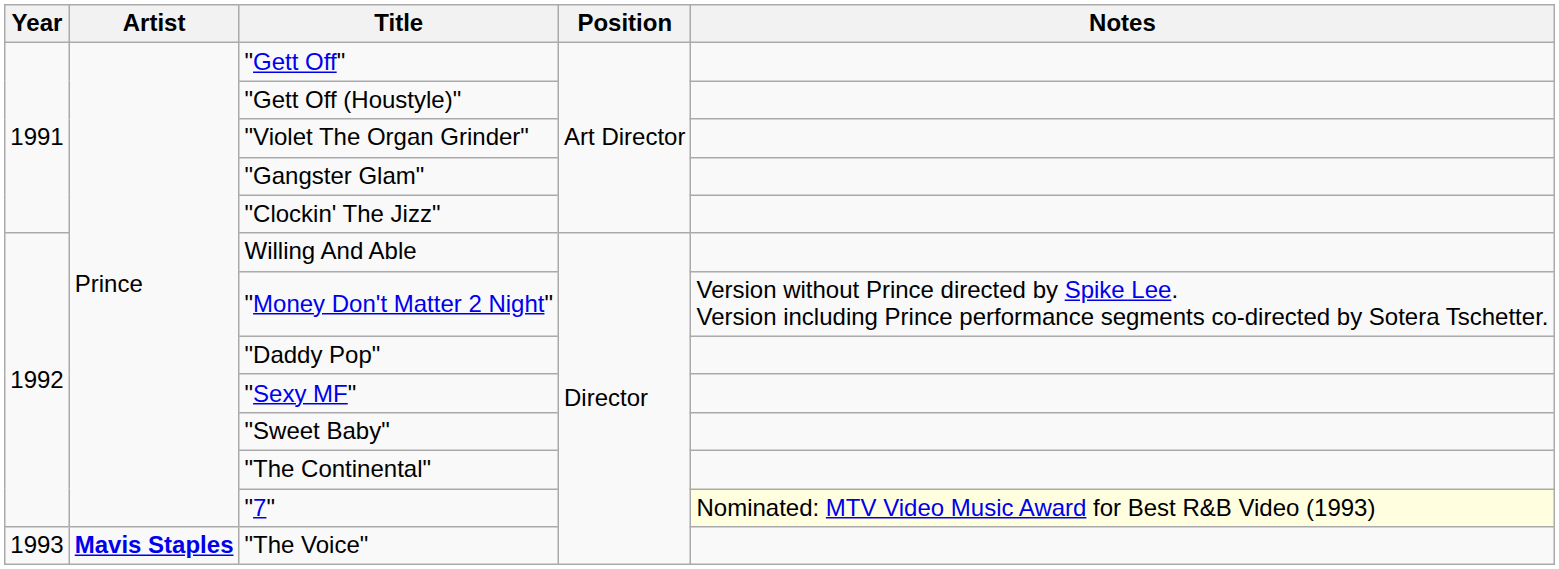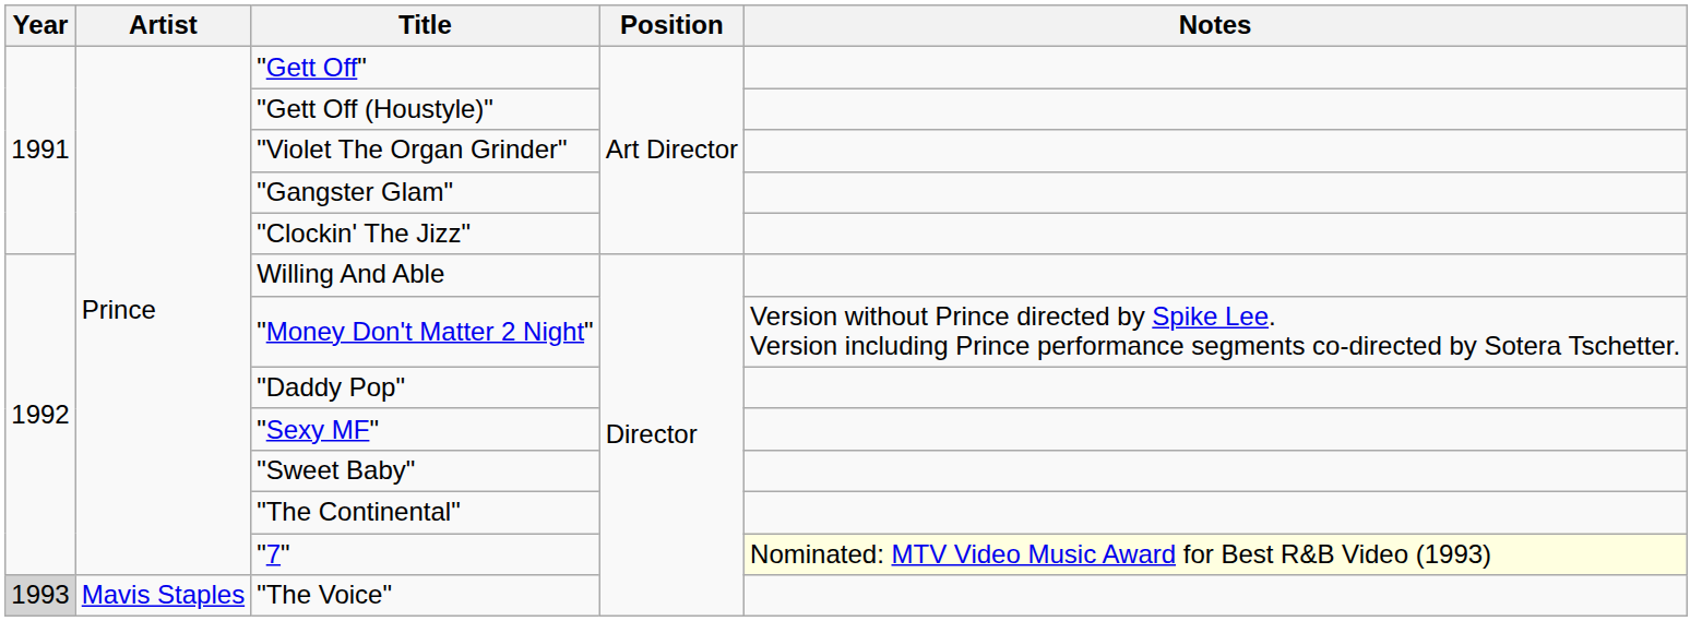 <table class="wikitable">
 <tr>
 <th>Year</th>
 <th>Artist</th>
 <th>Title</th>
 <th>Position</th>
 <th>Notes</th>
 </tr>
 <tr>
 <td rowspan="5">1991</td>
 <td rowspan="12">Prince</td>
 <td>"<a href='#'>Gett Off</a>"</td>
 <td rowspan="5">Art Director</td>
 <td></td>
 </tr>
 <tr>
 <td>"Gett Off (Houstyle)"</td>
 <td></td>
 </tr>
 <tr>
 <td>"Violet The Organ Grinder"</td>
 <td></td>
 </tr>
 <tr>
 <td>"Gangster Glam"</td>
 <td></td>
 </tr>
 <tr>
 <td>"Clockin' The Jizz"</td>
 <td></td>
 </tr>
 <tr>
 <td rowspan="7">1992</td>
 <td>Willing And Able</td>
 <td rowspan="8">Director</td>
 <td></td>
 </tr>
 <tr>
 <td>"<a href='#'>Money Don't Matter 2 Night</a>"</td>
 <td>Version without Prince directed by <a href='#'>Spike Lee</a>.<br>Version including Prince performance segments co-directed by Sotera Tschetter.</td>
 </tr>
 <tr>
 <td>"Daddy Pop"</td>
 <td></td>
 </tr>
 <tr>
 <td>"<a href='#'>Sexy MF</a>"</td>
 <td></td>
 </tr>
 <tr>
 <td>"Sweet Baby"</td>
 <td></td>
 </tr>
 <tr>
 <td>"The Continental"</td>
 <td></td>
 </tr>
 <tr>
 <td>"<a href='#'>7</a>"</td>
 <td style="background: lightyellow;">Nominated: <a href='#'>MTV Video Music Award</a> for Best R&B Video (1993)</td>
 </tr>
 <tr>
-<td>1993</td>
-<td><strong><a href='#'>Mavis Staples</a></strong></td>
+<td style="background: lightgrey;">1993</td>
+<td><a href='#'>Mavis Staples</a></td>
 <td>"The Voice"</td>
 <td></td>
 </tr>
 </table>
